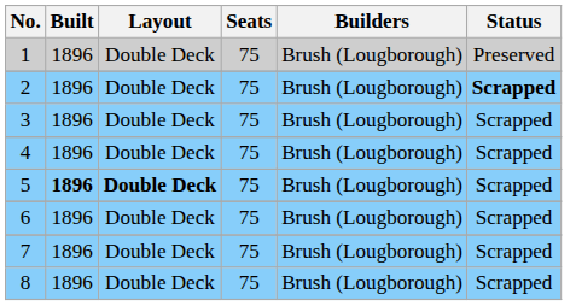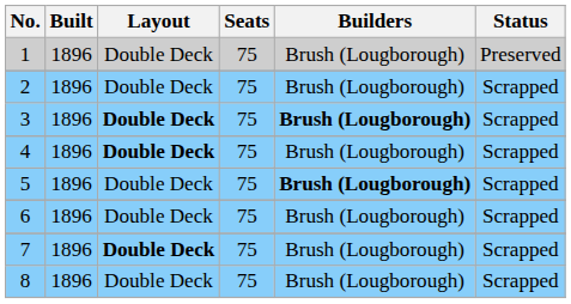 <table class="wikitable">
 <tr>
 <th>No.</th>
 <th>Built</th>
 <th>Layout</th>
 <th>Seats</th>
 <th>Builders</th>
 <th>Status</th>
 </tr>
 <tr bgcolor=#cecece>
 <td align="center">1</td>
 <td align="center">1896</td>
 <td align="center">Double Deck</td>
 <td align="center">75</td>
 <td align="center">Brush (Lougborough)</td>
 <td align="center">Preserved</td>
 </tr>
 <tr>
 </tr>
 <tr bgcolor=#87cefa>
 <td align="center">2</td>
 <td align="center">1896</td>
 <td align="center">Double Deck</td>
 <td align="center">75</td>
 <td align="center">Brush (Lougborough)</td>
-<td align="center"><strong>Scrapped</strong></td>
+<td align="center">Scrapped</td>
 </tr>
 <tr bgcolor=#87cefa>
 <td align="center">3</td>
 <td align="center">1896</td>
-<td align="center">Double Deck</td>
+<td align="center"><strong>Double Deck</strong></td>
 <td align="center">75</td>
-<td align="center">Brush (Lougborough)</td>
+<td align="center"><strong>Brush (Lougborough)</strong></td>
 <td align="center">Scrapped</td>
 </tr>
 <tr>
 </tr>
 <tr bgcolor=#87cefa>
 <td align="center">4</td>
 <td align="center">1896</td>
-<td align="center">Double Deck</td>
+<td align="center"><strong>Double Deck</strong></td>
 <td align="center">75</td>
 <td align="center">Brush (Lougborough)</td>
 <td align="center">Scrapped</td>
 </tr>
 <tr>
 </tr>
 <tr bgcolor=#87cefa>
 <td align="center">5</td>
-<td align="center"><strong>1896</strong></td>
-<td align="center"><strong>Double Deck</strong></td>
+<td align="center">1896</td>
+<td align="center">Double Deck</td>
 <td align="center">75</td>
-<td align="center">Brush (Lougborough)</td>
+<td align="center"><strong>Brush (Lougborough)</strong></td>
 <td align="center">Scrapped</td>
 </tr>
 <tr bgcolor=#cecece>
 </tr>
 <tr bgcolor=#87cefa>
 <td align="center">6</td>
 <td align="center">1896</td>
 <td align="center">Double Deck</td>
 <td align="center">75</td>
 <td align="center">Brush (Lougborough)</td>
 <td align="center">Scrapped</td>
 </tr>
 <tr bgcolor=#87cefa>
 </tr>
 <tr bgcolor=#87cefa>
 <td align="center">7</td>
 <td align="center">1896</td>
-<td align="center">Double Deck</td>
+<td align="center"><strong>Double Deck</strong></td>
 <td align="center">75</td>
 <td align="center">Brush (Lougborough)</td>
 <td align="center">Scrapped</td>
 </tr>
 <tr bgcolor=#87cefa>
 <td align="center">8</td>
 <td align="center">1896</td>
 <td align="center">Double Deck</td>
 <td align="center">75</td>
 <td align="center">Brush (Lougborough)</td>
 <td align="center">Scrapped</td>
 </tr>
 <tr bgcolor=#87cefa>
 </tr>
 </table>
